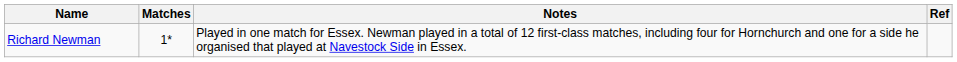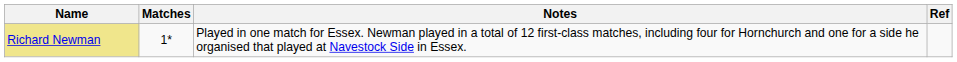 <table class="wikitable">
 <tr>
 <th style="width:170px">Name</th>
 <th>Matches</th>
 <th>Notes</th>
 <th>Ref</th>
 </tr>
 <tr>
-<td><a href='#'>Richard Newman</a></td>
+<td style="background: khaki;"><a href='#'>Richard Newman</a></td>
 <td align=center>1*</td>
 <td>Played in one match for Essex. Newman played in a total of 12 first-class matches, including four for Hornchurch and one for a side he organised that played at <a href='#'>Navestock Side</a> in Essex.</td>
 <td></td>
 </tr>
 </table>
